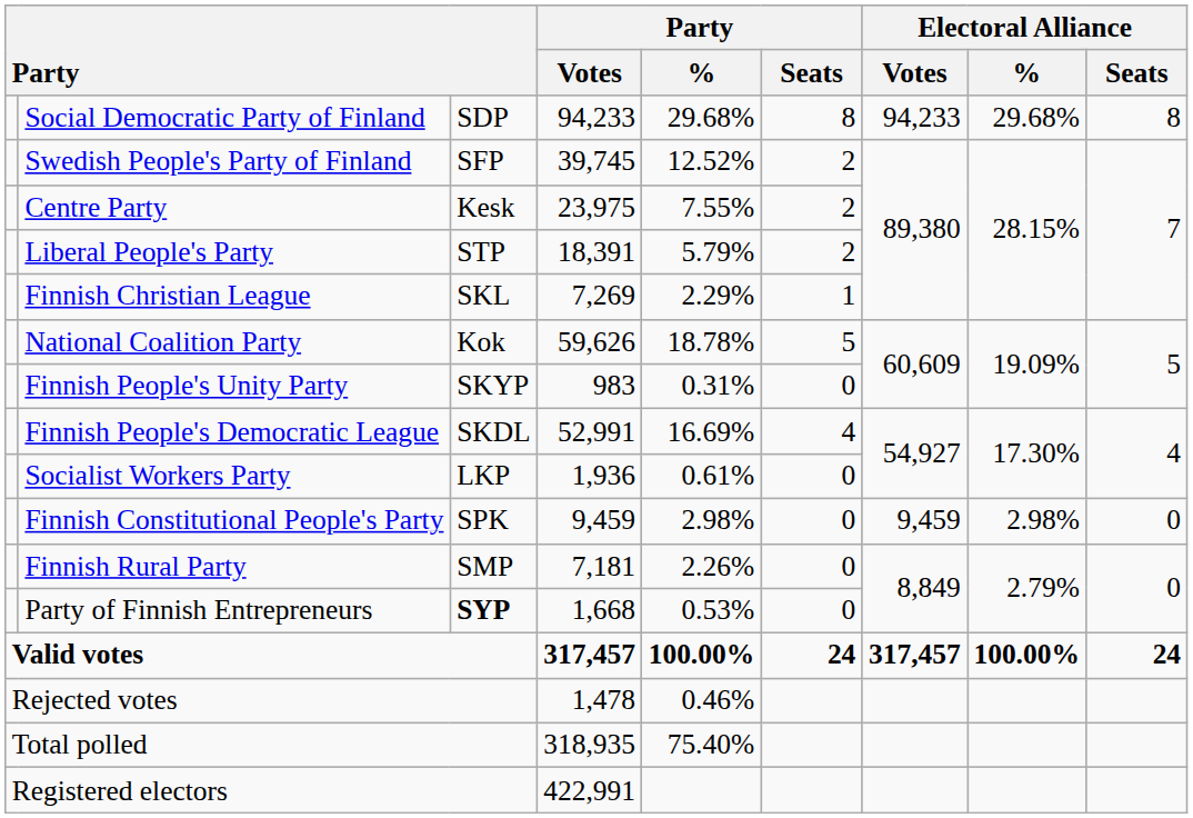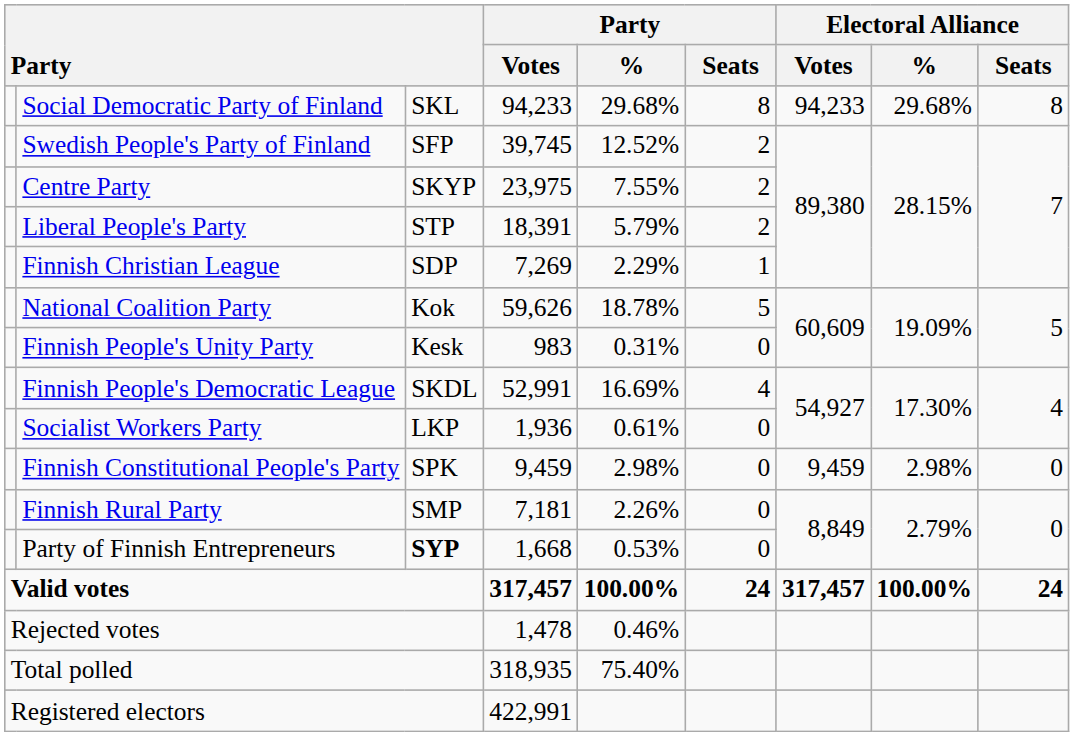 <table class="wikitable" border="1" style="text-align:right;">
 <tr>
 <th style="text-align:left;" valign=bottom rowspan=2 colspan=3>Party</th>
 <th colspan=3>Party</th>
 <th colspan=3>Electoral Alliance</th>
 </tr>
 <tr>
 <th align=center valign=bottom width="50">Votes</th>
 <th align=center valign=bottom width="50">%</th>
 <th align=center valign=bottom width="50">Seats</th>
 <th align=center valign=bottom width="50">Votes</th>
 <th align=center valign=bottom width="50">%</th>
 <th align=center valign=bottom width="50">Seats</th>
 </tr>
 <tr>
 <td></td>
 <td align=left style="white-space: nowrap;"><a href='#'>Social Democratic Party of Finland</a></td>
-<td align=left>SDP</td>
+<td align=left>SKL</td>
 <td>94,233</td>
 <td>29.68%</td>
 <td>8</td>
 <td>94,233</td>
 <td>29.68%</td>
 <td>8</td>
 </tr>
 <tr>
 <td></td>
 <td align=left><a href='#'>Swedish People's Party of Finland</a></td>
 <td align=left>SFP</td>
 <td>39,745</td>
 <td>12.52%</td>
 <td>2</td>
 <td rowspan=4>89,380</td>
 <td rowspan=4>28.15%</td>
 <td rowspan=4>7</td>
 </tr>
 <tr>
 <td></td>
 <td align=left><a href='#'>Centre Party</a></td>
-<td align=left>Kesk</td>
+<td align=left>SKYP</td>
 <td>23,975</td>
 <td>7.55%</td>
 <td>2</td>
 </tr>
 <tr>
 <td></td>
 <td align=left><a href='#'>Liberal People's Party</a></td>
 <td align=left>STP</td>
 <td>18,391</td>
 <td>5.79%</td>
 <td>2</td>
 </tr>
 <tr>
 <td></td>
 <td align=left><a href='#'>Finnish Christian League</a></td>
-<td align=left>SKL</td>
+<td align=left>SDP</td>
 <td>7,269</td>
 <td>2.29%</td>
 <td>1</td>
 </tr>
 <tr>
 <td></td>
 <td align=left><a href='#'>National Coalition Party</a></td>
 <td align=left>Kok</td>
 <td>59,626</td>
 <td>18.78%</td>
 <td>5</td>
 <td rowspan=2>60,609</td>
 <td rowspan=2>19.09%</td>
 <td rowspan=2>5</td>
 </tr>
 <tr>
 <td></td>
 <td align=left><a href='#'>Finnish People's Unity Party</a></td>
-<td align=left>SKYP</td>
+<td align=left>Kesk</td>
 <td>983</td>
 <td>0.31%</td>
 <td>0</td>
 </tr>
 <tr>
 <td></td>
 <td align=left><a href='#'>Finnish People's Democratic League</a></td>
 <td align=left>SKDL</td>
 <td>52,991</td>
 <td>16.69%</td>
 <td>4</td>
 <td rowspan=2>54,927</td>
 <td rowspan=2>17.30%</td>
 <td rowspan=2>4</td>
 </tr>
 <tr>
 <td></td>
 <td align=left><a href='#'>Socialist Workers Party</a></td>
 <td align=left>LKP</td>
 <td>1,936</td>
 <td>0.61%</td>
 <td>0</td>
 </tr>
 <tr>
 <td></td>
 <td align=left><a href='#'>Finnish Constitutional People's Party</a></td>
 <td align=left>SPK</td>
 <td>9,459</td>
 <td>2.98%</td>
 <td>0</td>
 <td>9,459</td>
 <td>2.98%</td>
 <td>0</td>
 </tr>
 <tr>
 <td></td>
 <td align=left><a href='#'>Finnish Rural Party</a></td>
 <td align=left>SMP</td>
 <td>7,181</td>
 <td>2.26%</td>
 <td>0</td>
 <td rowspan=2>8,849</td>
 <td rowspan=2>2.79%</td>
 <td rowspan=2>0</td>
 </tr>
 <tr>
 <td></td>
 <td align=left>Party of Finnish Entrepreneurs</td>
 <td align=left><strong>SYP</strong></td>
 <td>1,668</td>
 <td>0.53%</td>
 <td>0</td>
 </tr>
 <tr style="font-weight:bold">
 <td align=left colspan=3>Valid votes</td>
 <td>317,457</td>
 <td>100.00%</td>
 <td>24</td>
 <td>317,457</td>
 <td>100.00%</td>
 <td>24</td>
 </tr>
 <tr>
 <td align=left colspan=3>Rejected votes</td>
 <td>1,478</td>
 <td>0.46%</td>
 <td></td>
 <td></td>
 <td></td>
 <td></td>
 </tr>
 <tr>
 <td align=left colspan=3>Total polled</td>
 <td>318,935</td>
 <td>75.40%</td>
 <td></td>
 <td></td>
 <td></td>
 <td></td>
 </tr>
 <tr>
 <td align=left colspan=3>Registered electors</td>
 <td>422,991</td>
 <td></td>
 <td></td>
 <td></td>
 <td></td>
 <td></td>
 </tr>
 </table>
